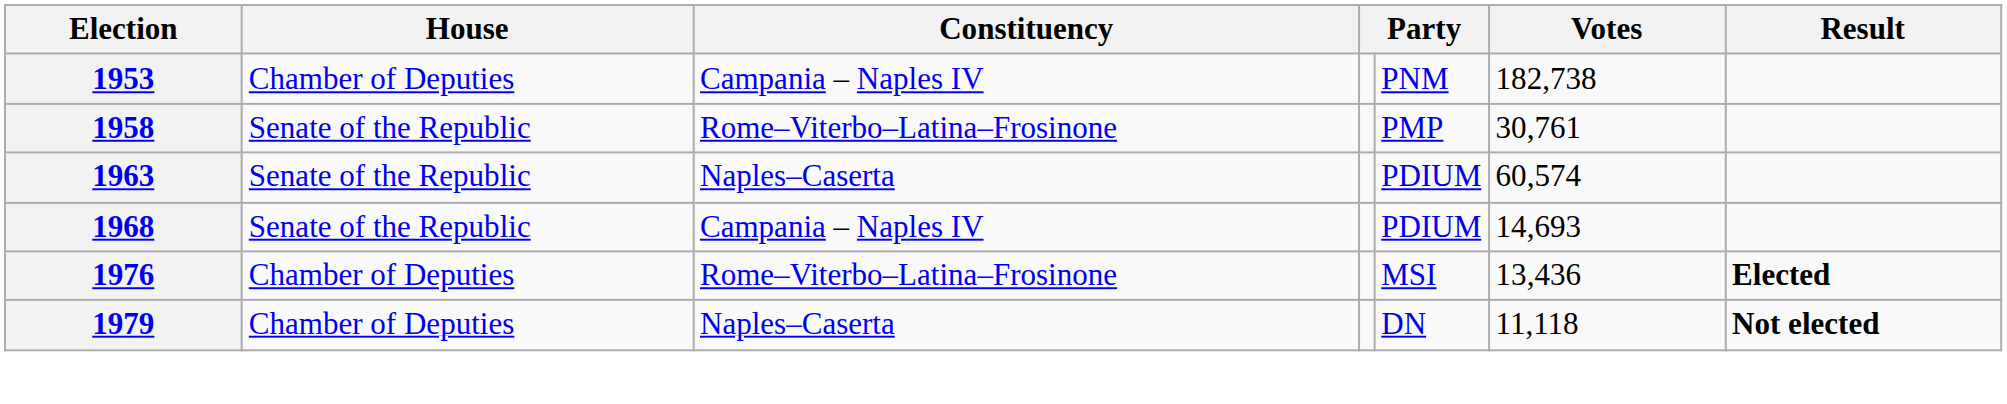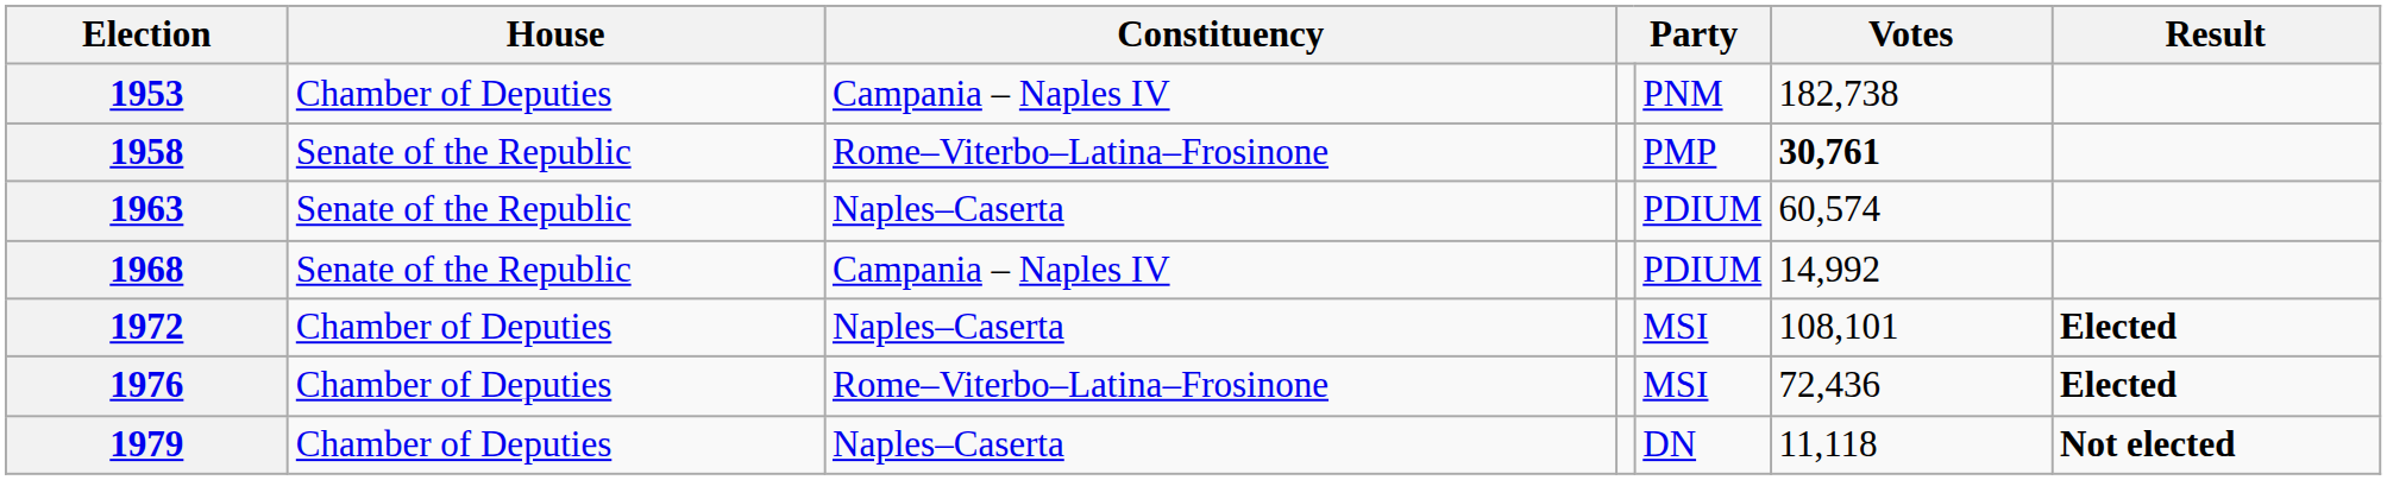 <table class=wikitable style="width:65%; border:1px #AAAAFF solid">
 <tr>
 <th width=12%>Election</th>
 <th width=23%>House</th>
 <th width=34%>Constituency</th>
 <th width=5% colspan="2">Party</th>
 <th width=12%>Votes</th>
 <th width=20%>Result</th>
 </tr>
 <tr>
 <th><a href='#'>1953</a></th>
 <td><a href='#'>Chamber of Deputies</a></td>
 <td><a href='#'>Campania</a> – <a href='#'>Naples IV</a></td>
 <td></td>
 <td><a href='#'>PNM</a></td>
 <td>182,738</td>
 <td></td>
 </tr>
 <tr>
 <th><a href='#'>1958</a></th>
 <td><a href='#'>Senate of the Republic</a></td>
 <td><a href='#'>Rome–Viterbo–Latina–Frosinone</a></td>
 <td></td>
 <td><a href='#'>PMP</a></td>
-<td>30,761</td>
+<td><strong>30,761</strong></td>
 <td></td>
 </tr>
 <tr>
 <th><a href='#'>1963</a></th>
 <td><a href='#'>Senate of the Republic</a></td>
 <td><a href='#'>Naples–Caserta</a></td>
 <td></td>
 <td><a href='#'>PDIUM</a></td>
 <td>60,574</td>
 <td></td>
 </tr>
 <tr>
 <th><a href='#'>1968</a></th>
 <td><a href='#'>Senate of the Republic</a></td>
 <td><a href='#'>Campania</a> – <a href='#'>Naples IV</a></td>
 <td></td>
 <td><a href='#'>PDIUM</a></td>
-<td>14,693</td>
+<td>14,992</td>
 <td></td>
+</tr>
+<tr>
+<th><a href='#'>1972</a></th>
+<td><a href='#'>Chamber of Deputies</a></td>
+<td><a href='#'>Naples–Caserta</a></td>
+<td></td>
+<td><a href='#'>MSI</a></td>
+<td>108,101</td>
+<td> <strong>Elected</strong></td>
 </tr>
 <tr>
 <th><a href='#'>1976</a></th>
 <td><a href='#'>Chamber of Deputies</a></td>
 <td><a href='#'>Rome–Viterbo–Latina–Frosinone</a></td>
 <td></td>
 <td><a href='#'>MSI</a></td>
-<td>13,436</td>
+<td>72,436</td>
 <td> <strong>Elected</strong></td>
 </tr>
 <tr>
 <th><a href='#'>1979</a></th>
 <td><a href='#'>Chamber of Deputies</a></td>
 <td><a href='#'>Naples–Caserta</a></td>
 <td></td>
 <td><a href='#'>DN</a></td>
 <td>11,118</td>
 <td> <strong>Not elected</strong></td>
 </tr>
 </table>
